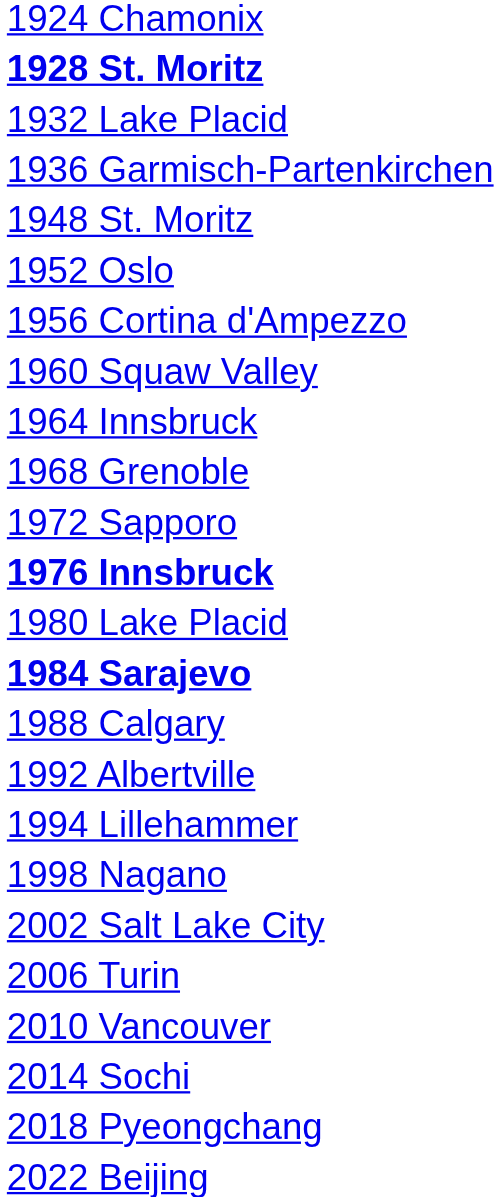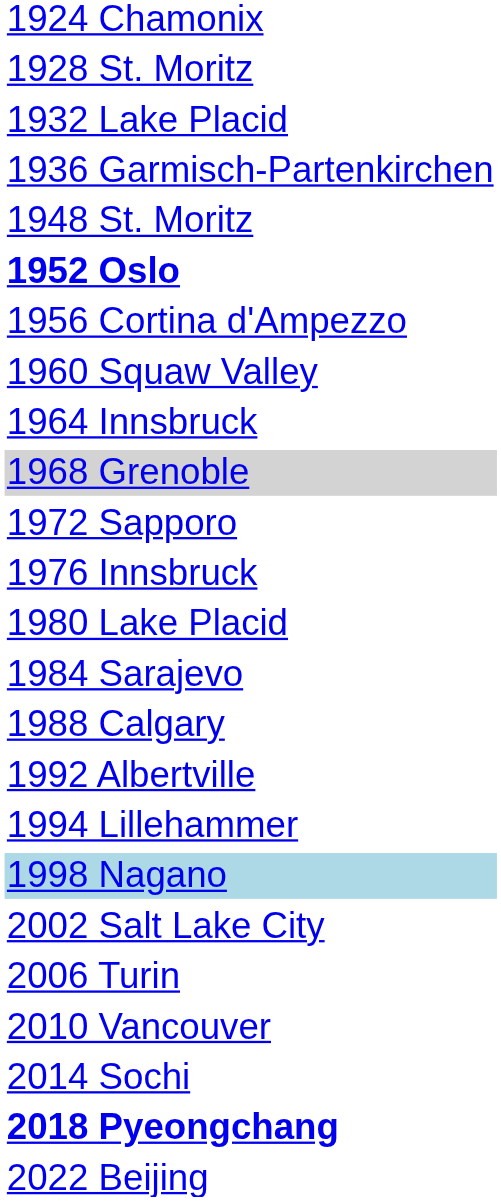 <table>
 <tr>
 <td><a href='#'>1924 Chamonix</a><br></td>
 <td></td>
 <td></td>
 <td></td>
 </tr>
 <tr>
-<td><strong><a href='#'>1928 St. Moritz</a><br></strong></td>
+<td><a href='#'>1928 St. Moritz</a><br></td>
 <td></td>
 <td></td>
 <td></td>
 </tr>
 <tr>
 <td><a href='#'>1932 Lake Placid</a><br></td>
 <td></td>
 <td></td>
 <td></td>
 </tr>
 <tr valign="top">
 <td><a href='#'>1936 Garmisch-Partenkirchen</a><br></td>
 <td></td>
 <td></td>
 <td></td>
 </tr>
 <tr>
 <td><a href='#'>1948 St. Moritz</a><br></td>
 <td></td>
 <td></td>
 <td></td>
 </tr>
 <tr>
-<td><a href='#'>1952 Oslo</a><br></td>
+<td><strong><a href='#'>1952 Oslo</a><br></strong></td>
 <td></td>
 <td></td>
 <td></td>
 </tr>
 <tr valign="top">
 <td><a href='#'>1956 Cortina d'Ampezzo</a><br></td>
 <td></td>
 <td></td>
 <td></td>
 </tr>
 <tr>
 <td><a href='#'>1960 Squaw Valley</a><br></td>
 <td></td>
 <td></td>
 <td></td>
 </tr>
 <tr>
 <td><a href='#'>1964 Innsbruck</a><br></td>
 <td></td>
 <td></td>
 <td></td>
 </tr>
 <tr>
-<td><a href='#'>1968 Grenoble</a><br></td>
+<td style="background: lightgrey;"><a href='#'>1968 Grenoble</a><br></td>
 <td></td>
 <td></td>
 <td></td>
 </tr>
 <tr>
 <td><a href='#'>1972 Sapporo</a><br></td>
 <td></td>
 <td></td>
 <td></td>
 </tr>
 <tr>
-<td><strong><a href='#'>1976 Innsbruck</a><br></strong></td>
+<td><a href='#'>1976 Innsbruck</a><br></td>
 <td></td>
 <td></td>
 <td></td>
 </tr>
 <tr>
 <td><a href='#'>1980 Lake Placid</a><br></td>
 <td></td>
 <td></td>
 <td></td>
 </tr>
 <tr>
-<td><strong><a href='#'>1984 Sarajevo</a><br></strong></td>
+<td><a href='#'>1984 Sarajevo</a><br></td>
 <td></td>
 <td></td>
 <td></td>
 </tr>
 <tr>
 <td><a href='#'>1988 Calgary</a><br></td>
 <td></td>
 <td></td>
 <td></td>
 </tr>
 <tr>
 <td><a href='#'>1992 Albertville</a><br></td>
 <td></td>
 <td></td>
 <td></td>
 </tr>
 <tr>
 <td><a href='#'>1994 Lillehammer</a><br></td>
 <td></td>
 <td></td>
 <td></td>
 </tr>
 <tr>
-<td><a href='#'>1998 Nagano</a><br></td>
+<td style="background: lightblue;"><a href='#'>1998 Nagano</a><br></td>
 <td></td>
 <td></td>
 <td></td>
 </tr>
 <tr>
 <td><a href='#'>2002 Salt Lake City</a><br></td>
 <td></td>
 <td></td>
 <td></td>
 </tr>
 <tr>
 <td><a href='#'>2006 Turin</a><br></td>
 <td></td>
 <td></td>
 <td></td>
 </tr>
 <tr>
 <td><a href='#'>2010 Vancouver</a><br></td>
 <td></td>
 <td></td>
 <td></td>
 </tr>
 <tr>
 <td><a href='#'>2014 Sochi</a><br></td>
 <td></td>
 <td></td>
 <td></td>
 </tr>
 <tr valign="top">
-<td><a href='#'>2018 Pyeongchang</a><br></td>
+<td><strong><a href='#'>2018 Pyeongchang</a><br></strong></td>
 <td></td>
 <td></td>
 <td></td>
 </tr>
 <tr>
 <td><a href='#'>2022 Beijing</a> <br></td>
 <td></td>
 <td></td>
 <td></td>
 </tr>
 <tr>
 </tr>
 </table>
